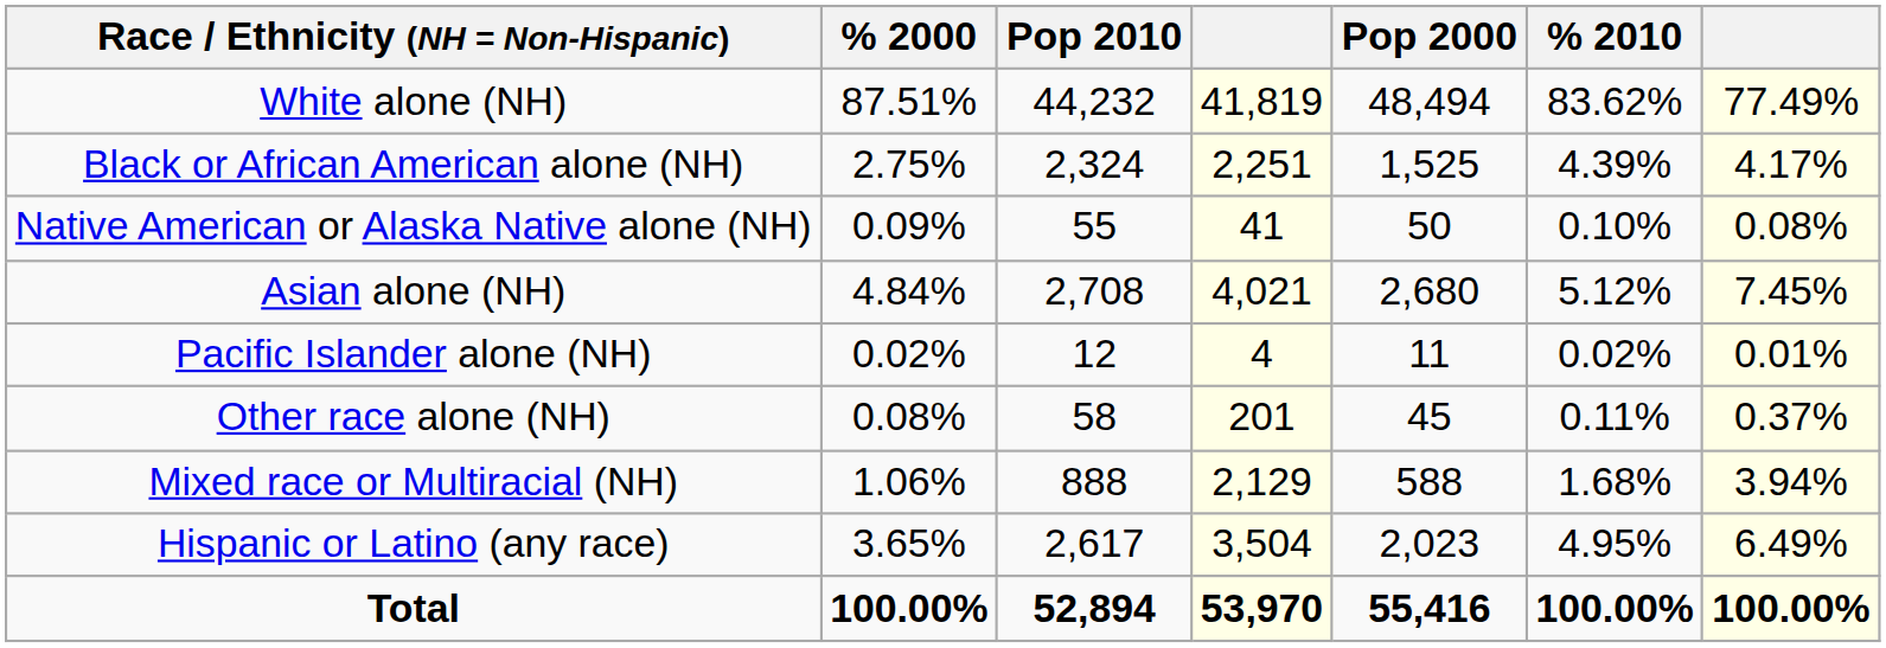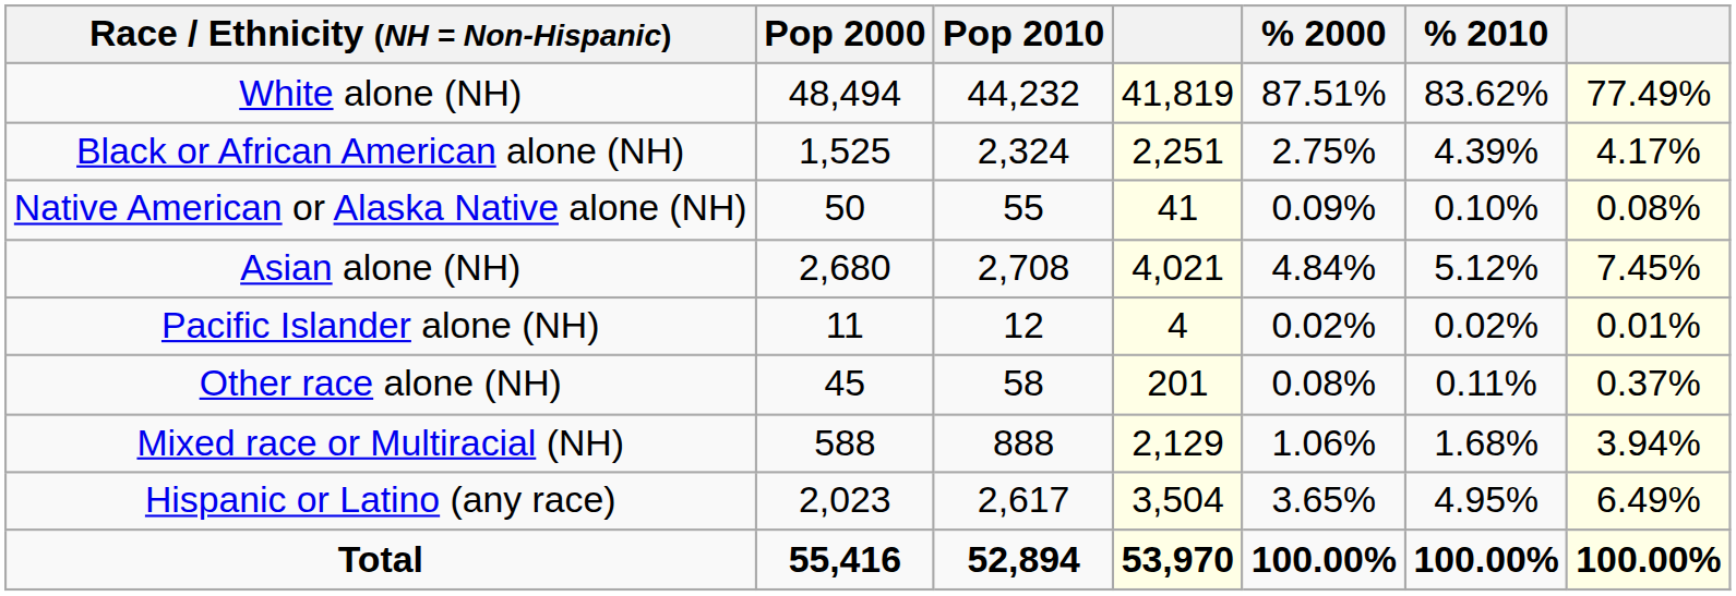 <table class="wikitable" style="text-align:center;">
 <tr>
 <th>Race / Ethnicity <small>(<em>NH = Non-Hispanic</em>)</small></th>
-<th>% 2000</th>
+<th>Pop 2000</th>
 <th>Pop 2010</th>
 <th></th>
-<th>Pop 2000</th>
+<th>% 2000</th>
 <th>% 2010</th>
 <th></th>
 </tr>
 <tr>
 <td><a href='#'>White</a> alone (NH)</td>
-<td>87.51%</td>
+<td>48,494</td>
 <td>44,232</td>
 <td style='background: #ffffe6;'>41,819</td>
-<td>48,494</td>
+<td>87.51%</td>
 <td>83.62%</td>
 <td style='background: #ffffe6;'>77.49%</td>
 </tr>
 <tr>
 <td><a href='#'>Black or African American</a> alone (NH)</td>
-<td>2.75%</td>
+<td>1,525</td>
 <td>2,324</td>
 <td style='background: #ffffe6;'>2,251</td>
-<td>1,525</td>
+<td>2.75%</td>
 <td>4.39%</td>
 <td style='background: #ffffe6;'>4.17%</td>
 </tr>
 <tr>
 <td><a href='#'>Native American</a> or <a href='#'>Alaska Native</a> alone (NH)</td>
-<td>0.09%</td>
+<td>50</td>
 <td>55</td>
 <td style='background: #ffffe6;'>41</td>
-<td>50</td>
+<td>0.09%</td>
 <td>0.10%</td>
 <td style='background: #ffffe6;'>0.08%</td>
 </tr>
 <tr>
 <td><a href='#'>Asian</a> alone (NH)</td>
-<td>4.84%</td>
+<td>2,680</td>
 <td>2,708</td>
 <td style='background: #ffffe6;'>4,021</td>
-<td>2,680</td>
+<td>4.84%</td>
 <td>5.12%</td>
 <td style='background: #ffffe6;'>7.45%</td>
 </tr>
 <tr>
 <td><a href='#'>Pacific Islander</a> alone (NH)</td>
-<td>0.02%</td>
+<td>11</td>
 <td>12</td>
 <td style='background: #ffffe6;'>4</td>
-<td>11</td>
+<td>0.02%</td>
 <td>0.02%</td>
 <td style='background: #ffffe6;'>0.01%</td>
 </tr>
 <tr>
 <td><a href='#'>Other race</a> alone (NH)</td>
-<td>0.08%</td>
+<td>45</td>
 <td>58</td>
 <td style='background: #ffffe6;'>201</td>
-<td>45</td>
+<td>0.08%</td>
 <td>0.11%</td>
 <td style='background: #ffffe6;'>0.37%</td>
 </tr>
 <tr>
 <td><a href='#'>Mixed race or Multiracial</a> (NH)</td>
-<td>1.06%</td>
+<td>588</td>
 <td>888</td>
 <td style='background: #ffffe6;'>2,129</td>
-<td>588</td>
+<td>1.06%</td>
 <td>1.68%</td>
 <td style='background: #ffffe6;'>3.94%</td>
 </tr>
 <tr>
 <td><a href='#'>Hispanic or Latino</a> (any race)</td>
-<td>3.65%</td>
+<td>2,023</td>
 <td>2,617</td>
 <td style='background: #ffffe6;'>3,504</td>
-<td>2,023</td>
+<td>3.65%</td>
 <td>4.95%</td>
 <td style='background: #ffffe6;'>6.49%</td>
 </tr>
 <tr>
 <td><strong>Total</strong></td>
-<td><strong>100.00%</strong></td>
+<td><strong>55,416</strong></td>
 <td><strong>52,894</strong></td>
 <td style='background: #ffffe6;'><strong>53,970</strong></td>
-<td><strong>55,416</strong></td>
+<td><strong>100.00%</strong></td>
 <td><strong>100.00%</strong></td>
 <td style='background: #ffffe6;'><strong>100.00%</strong></td>
 </tr>
 </table>
